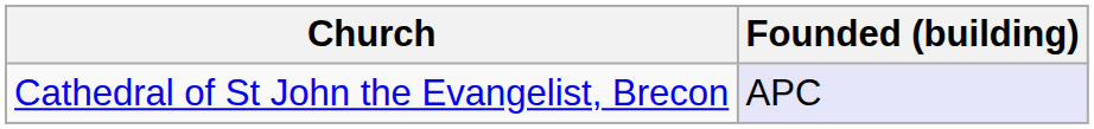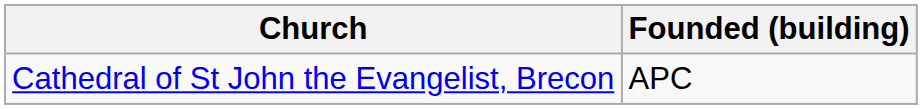 <table class="wikitable">
 <tr>
 <th>Church</th>
 <th>Founded (building)</th>
 </tr>
 <tr>
 <td><a href='#'>Cathedral of St John the Evangelist, Brecon</a></td>
-<td style="background: lavender;">APC</td>
+<td>APC</td>
 </tr>
 </table>
